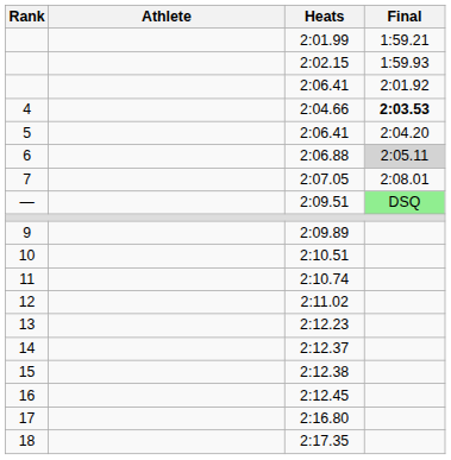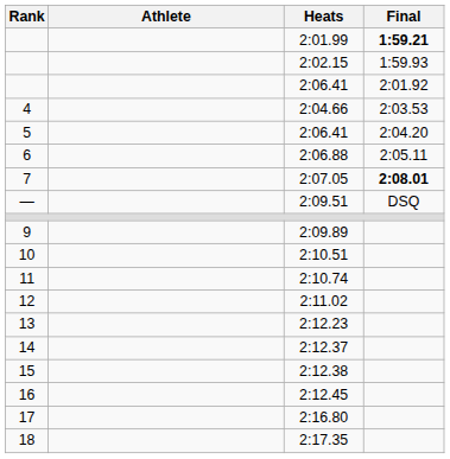 <table class=wikitable style="text-align:center">
 <tr>
 <th width=40>Rank</th>
 <th width=250>Athlete</th>
 <th width=80>Heats</th>
 <th width=80>Final</th>
 </tr>
 <tr>
 <td></td>
 <td align=left></td>
 <td>2:01.99</td>
-<td>1:59.21</td>
+<td><strong>1:59.21</strong></td>
 </tr>
 <tr>
 <td></td>
 <td align=left></td>
 <td>2:02.15</td>
 <td>1:59.93</td>
 </tr>
 <tr>
 <td></td>
 <td align=left></td>
 <td>2:06.41</td>
 <td>2:01.92</td>
 </tr>
 <tr>
 <td>4</td>
 <td align=left></td>
 <td>2:04.66</td>
-<td><strong>2:03.53</strong></td>
+<td>2:03.53</td>
 </tr>
 <tr>
 <td>5</td>
 <td align=left></td>
 <td>2:06.41</td>
 <td>2:04.20</td>
 </tr>
 <tr>
 <td>6</td>
 <td align=left></td>
 <td>2:06.88</td>
-<td style="background: lightgrey;">2:05.11</td>
+<td>2:05.11</td>
 </tr>
 <tr>
 <td>7</td>
 <td align=left></td>
 <td>2:07.05</td>
-<td>2:08.01</td>
+<td><strong>2:08.01</strong></td>
 </tr>
 <tr>
 <td>—</td>
 <td align=left></td>
 <td>2:09.51</td>
-<td style="background: lightgreen;">DSQ</td>
+<td>DSQ</td>
 </tr>
 <tr bgcolor=#DDDDDD>
 <td colspan=4></td>
 </tr>
 <tr>
 <td>9</td>
 <td align=left></td>
 <td>2:09.89</td>
 <td></td>
 </tr>
 <tr>
 <td>10</td>
 <td align=left></td>
 <td>2:10.51</td>
 <td></td>
 </tr>
 <tr>
 <td>11</td>
 <td align=left></td>
 <td>2:10.74</td>
 <td></td>
 </tr>
 <tr>
 <td>12</td>
 <td align=left></td>
 <td>2:11.02</td>
 <td></td>
 </tr>
 <tr>
 <td>13</td>
 <td align=left></td>
 <td>2:12.23</td>
 <td></td>
 </tr>
 <tr>
 <td>14</td>
 <td align=left></td>
 <td>2:12.37</td>
 <td></td>
 </tr>
 <tr>
 <td>15</td>
 <td align=left></td>
 <td>2:12.38</td>
 <td></td>
 </tr>
 <tr>
 <td>16</td>
 <td align=left></td>
 <td>2:12.45</td>
 <td></td>
 </tr>
 <tr>
 <td>17</td>
 <td align=left></td>
 <td>2:16.80</td>
 <td></td>
 </tr>
 <tr>
 <td>18</td>
 <td align=left></td>
 <td>2:17.35</td>
 <td></td>
 </tr>
 </table>
